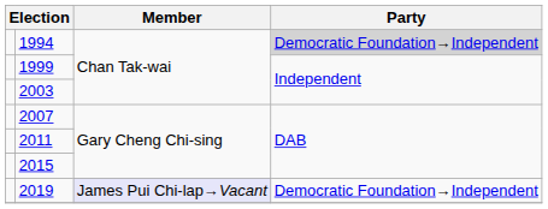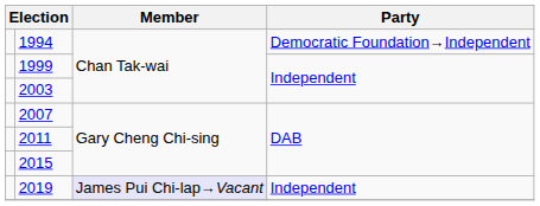 <table class="wikitable">
 <tr>
 <th colspan="2">Election</th>
 <th>Member</th>
 <th>Party</th>
 </tr>
 <tr>
 <td style="background-color: "></td>
 <td><a href='#'>1994</a></td>
 <td rowspan=3>Chan Tak-wai</td>
-<td style="background: lightgrey;"><a href='#'>Democratic Foundation</a>→<a href='#'>Independent</a></td>
+<td><a href='#'>Democratic Foundation</a>→<a href='#'>Independent</a></td>
 </tr>
 <tr>
 <td style="background-color: "></td>
 <td><a href='#'>1999</a></td>
 <td rowspan=2><a href='#'>Independent</a></td>
 </tr>
 <tr>
 <td style="background-color: "></td>
 <td><a href='#'>2003</a></td>
 </tr>
 <tr>
 <td style="background-color: "></td>
 <td><a href='#'>2007</a></td>
 <td rowspan=3>Gary Cheng Chi-sing</td>
 <td rowspan=3><a href='#'>DAB</a></td>
 </tr>
 <tr>
 <td style="background-color: "></td>
 <td><a href='#'>2011</a></td>
 </tr>
 <tr>
 <td style="background-color: "></td>
 <td><a href='#'>2015</a></td>
 </tr>
 <tr>
 <td style="background-color: "></td>
 <td><a href='#'>2019</a></td>
 <td style="background: lavender;">James Pui Chi-lap→<em>Vacant</em></td>
-<td><a href='#'>Democratic Foundation</a>→<a href='#'>Independent</a></td>
+<td><a href='#'>Independent</a></td>
 </tr>
 <tr>
 </tr>
 </table>
